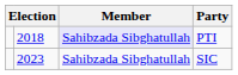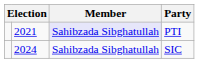 <table class="wikitable">
 <tr>
 <th colspan="2">Election</th>
 <th>Member</th>
 <th>Party</th>
 </tr>
 <tr>
 <td style="background-color: "></td>
-<td><a href='#'>2018</a></td>
+<td><a href='#'>2021</a></td>
 <td style="background: lavender;"><a href='#'>Sahibzada Sibghatullah</a></td>
 <td><a href='#'>PTI</a></td>
 </tr>
 <tr>
 <td style="background-color: "></td>
-<td><a href='#'>2023</a></td>
+<td><a href='#'>2024</a></td>
 <td><a href='#'>Sahibzada Sibghatullah</a></td>
 <td><a href='#'>SIC</a></td>
 </tr>
 </table>
